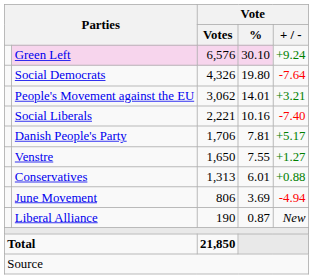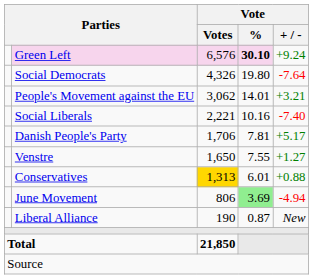 <table class="wikitable" style="text-align:right;">
 <tr>
 <th style="text-align:centre;" rowspan="2" colspan="2" width="225">Parties</th>
 <th colspan="3">Vote</th>
 </tr>
 <tr>
 <th width="15">Votes</th>
 <th width="15">%</th>
 <th width="15">+ / -</th>
 </tr>
 <tr>
 <td width="2" style="color:inherit;background:"></td>
 <td bgcolor=#f7d5ed   align="left"><a href='#'>Green Left</a></td>
 <td bgcolor=#f7d5ed>6,576</td>
-<td bgcolor=#f7d5ed>30.10</td>
+<td bgcolor=#f7d5ed><strong>30.10</strong></td>
 <td style=color:green;>+9.24</td>
 </tr>
 <tr>
 <td width="2" style="color:inherit;background:"></td>
 <td align="left"><a href='#'>Social Democrats</a></td>
 <td>4,326</td>
 <td>19.80</td>
 <td style=color:red;>-7.64</td>
 </tr>
 <tr>
 <td width="2" style="color:inherit;background:"></td>
 <td align="left"><a href='#'>People's Movement against the EU</a></td>
 <td>3,062</td>
 <td>14.01</td>
 <td style=color:green;>+3.21</td>
 </tr>
 <tr>
 <td width="2" style="color:inherit;background:"></td>
 <td align="left"><a href='#'>Social Liberals</a></td>
 <td>2,221</td>
 <td>10.16</td>
 <td style=color:red;>-7.40</td>
 </tr>
 <tr>
 <td width="2" style="color:inherit;background:"></td>
 <td align="left"><a href='#'>Danish People's Party</a></td>
 <td>1,706</td>
 <td>7.81</td>
 <td style=color:green;>+5.17</td>
 </tr>
 <tr>
 <td width="2" style="color:inherit;background:"></td>
 <td align="left"><a href='#'>Venstre</a></td>
 <td>1,650</td>
 <td>7.55</td>
 <td style=color:green;>+1.27</td>
 </tr>
 <tr>
 <td width="2" style="color:inherit;background:"></td>
 <td align="left"><a href='#'>Conservatives</a></td>
-<td>1,313</td>
+<td style="background: gold;">1,313</td>
 <td>6.01</td>
 <td style=color:green;>+0.88</td>
 </tr>
 <tr>
 <td width="2" style="color:inherit;background:"></td>
 <td align="left"><a href='#'>June Movement</a></td>
 <td>806</td>
-<td>3.69</td>
+<td style="background: lightgreen;">3.69</td>
 <td style=color:red;>-4.94</td>
 </tr>
 <tr>
 <td width="2" style="color:inherit;background:"></td>
 <td align="left"><a href='#'>Liberal Alliance</a></td>
 <td>190</td>
 <td>0.87</td>
 <td><em>New</em></td>
 </tr>
 <tr>
 <td colspan="7" bgcolor="#E9E9E9"></td>
 </tr>
 <tr>
 <td align="left" colspan="2"><strong>Total</strong></td>
 <td><strong>21,850</strong></td>
 <td bgcolor="#E9E9E9" colspan="2"></td>
 </tr>
 <tr>
 <td align="left" colspan="6">Source</td>
 </tr>
 </table>
